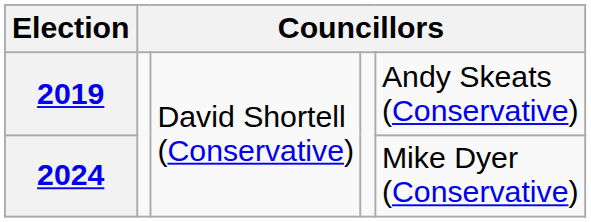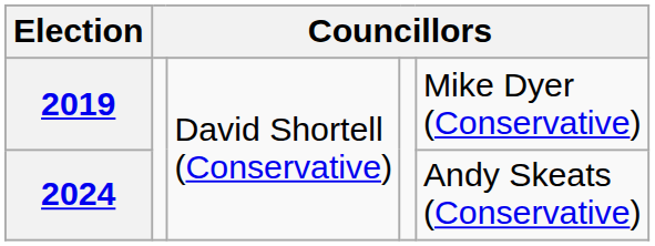 <table class="wikitable">
 <tr>
 <th>Election</th>
 <th colspan="4">Councillors</th>
 </tr>
 <tr>
 <th><a href='#'>2019</a></th>
 <td rowspan="4" style="background-color: "></td>
 <td rowspan="2">David Shortell<br>(<a href='#'>Conservative</a>)</td>
 <td rowspan="2" style="background-color: "></td>
-<td>Andy Skeats<br>(<a href='#'>Conservative</a>)</td>
+<td>Mike Dyer<br>(<a href='#'>Conservative</a>)</td>
 </tr>
 <tr>
 <th><a href='#'>2024</a></th>
-<td>Mike Dyer<br>(<a href='#'>Conservative</a>)</td>
+<td>Andy Skeats<br>(<a href='#'>Conservative</a>)</td>
 </tr>
 </table>
